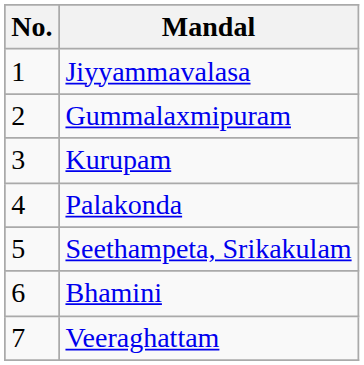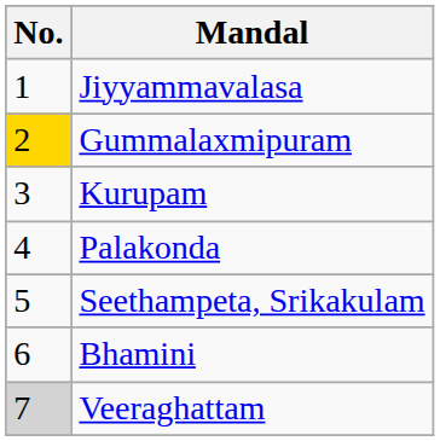 <table class="wikitable">
 <tr>
 <th>No.</th>
 <th>Mandal</th>
 </tr>
 <tr>
 <td>1</td>
 <td><a href='#'>Jiyyammavalasa</a></td>
 </tr>
 <tr>
-<td>2</td>
+<td style="background: gold;">2</td>
 <td><a href='#'>Gummalaxmipuram</a></td>
 </tr>
 <tr>
 <td>3</td>
 <td><a href='#'>Kurupam</a></td>
 </tr>
 <tr>
 <td>4</td>
 <td><a href='#'>Palakonda</a></td>
 </tr>
 <tr>
 <td>5</td>
 <td><a href='#'>Seethampeta, Srikakulam</a></td>
 </tr>
 <tr>
 <td>6</td>
 <td><a href='#'>Bhamini</a></td>
 </tr>
 <tr>
-<td>7</td>
+<td style="background: lightgrey;">7</td>
 <td><a href='#'>Veeraghattam</a></td>
 </tr>
 </table>
